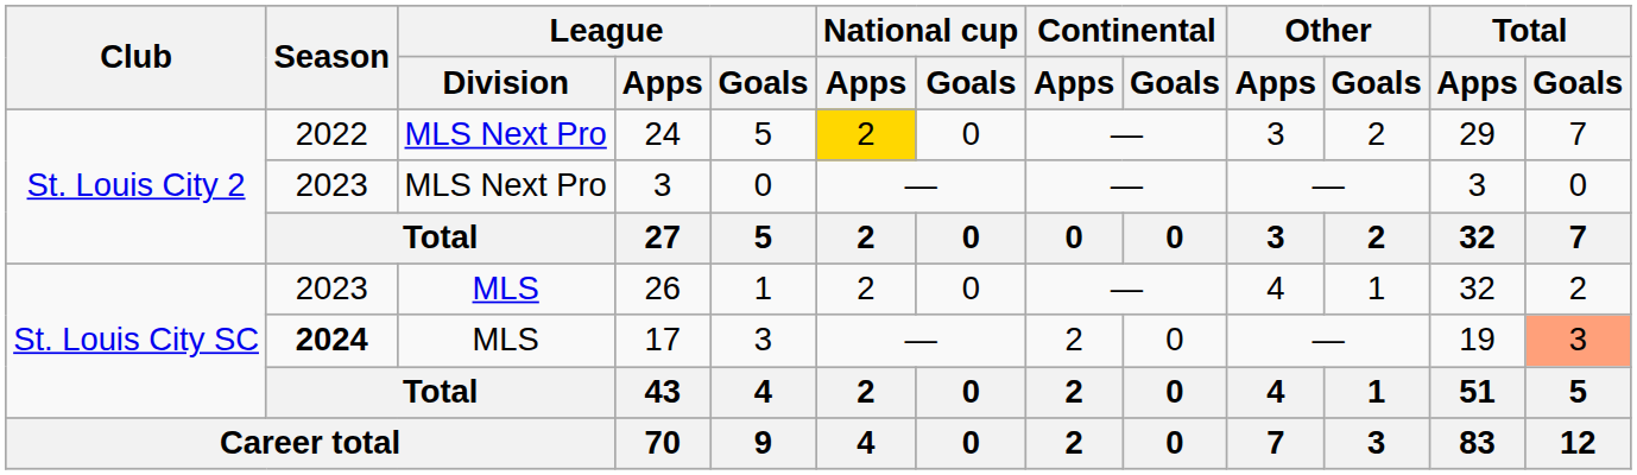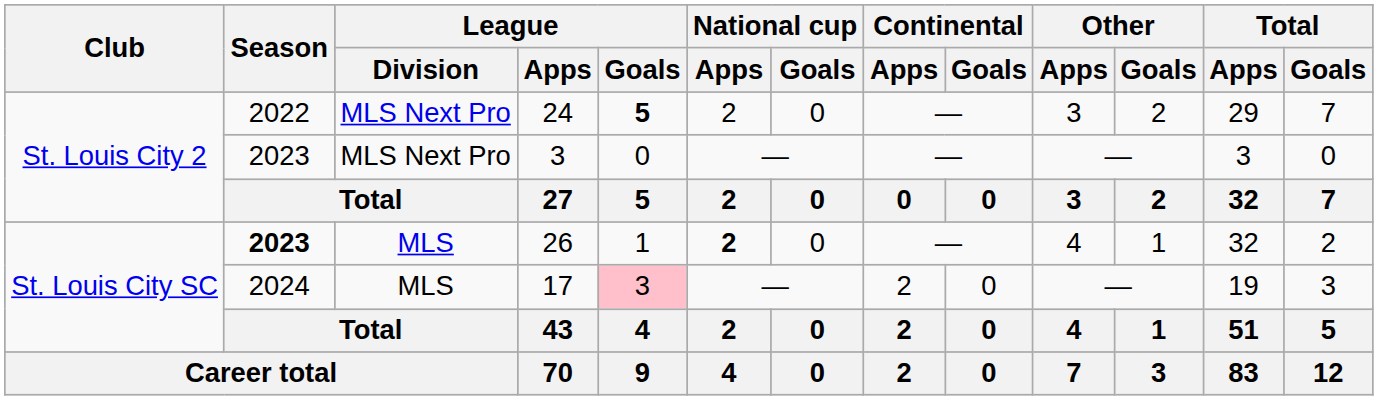 <table class="wikitable" style="text-align:center">
 <tr>
 <th rowspan="2">Club</th>
 <th rowspan="2">Season</th>
 <th colspan="3">League</th>
 <th colspan="2">National cup</th>
 <th colspan="2">Continental</th>
 <th colspan="2">Other</th>
 <th colspan="2">Total</th>
 </tr>
 <tr>
 <th>Division</th>
 <th>Apps</th>
 <th>Goals</th>
 <th>Apps</th>
 <th>Goals</th>
 <th>Apps</th>
 <th>Goals</th>
 <th>Apps</th>
 <th>Goals</th>
 <th>Apps</th>
 <th>Goals</th>
 </tr>
 <tr>
 <td rowspan="3"><a href='#'>St. Louis City 2</a></td>
 <td>2022</td>
 <td><a href='#'>MLS Next Pro</a></td>
 <td>24</td>
-<td>5</td>
-<td style="background: gold;">2</td>
+<td><strong>5</strong></td>
+<td>2</td>
 <td>0</td>
 <td colspan="2">—</td>
 <td>3</td>
 <td>2</td>
 <td>29</td>
 <td>7</td>
 </tr>
 <tr>
 <td>2023</td>
 <td>MLS Next Pro</td>
 <td>3</td>
 <td>0</td>
 <td colspan="2">—</td>
 <td colspan="2">—</td>
 <td colspan="2">—</td>
 <td>3</td>
 <td>0</td>
 </tr>
 <tr>
 <th colspan="2">Total</th>
 <th>27</th>
 <th>5</th>
 <th>2</th>
 <th>0</th>
 <th>0</th>
 <th>0</th>
 <th>3</th>
 <th>2</th>
 <th>32</th>
 <th>7</th>
 </tr>
 <tr>
 <td rowspan="3"><a href='#'>St. Louis City SC</a></td>
-<td>2023</td>
+<td><strong>2023</strong></td>
 <td><a href='#'>MLS</a></td>
 <td>26</td>
 <td>1</td>
-<td>2</td>
+<td><strong>2</strong></td>
 <td>0</td>
 <td colspan="2">—</td>
 <td>4</td>
 <td>1</td>
 <td>32</td>
 <td>2</td>
 </tr>
 <tr>
-<td><strong>2024</strong></td>
+<td>2024</td>
 <td>MLS</td>
 <td>17</td>
-<td>3</td>
+<td style="background: pink;">3</td>
 <td colspan="2">—</td>
 <td>2</td>
 <td>0</td>
 <td colspan="2">—</td>
 <td>19</td>
-<td style="background: lightsalmon;">3</td>
+<td>3</td>
 </tr>
 <tr>
 <th colspan="2">Total</th>
 <th>43</th>
 <th>4</th>
 <th>2</th>
 <th>0</th>
 <th>2</th>
 <th>0</th>
 <th>4</th>
 <th>1</th>
 <th>51</th>
 <th>5</th>
 </tr>
 <tr>
 <th colspan="3">Career total</th>
 <th>70</th>
 <th>9</th>
 <th>4</th>
 <th>0</th>
 <th>2</th>
 <th>0</th>
 <th>7</th>
 <th>3</th>
 <th>83</th>
 <th>12</th>
 </tr>
 </table>
